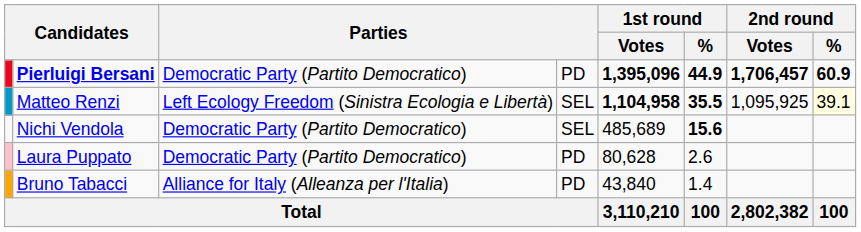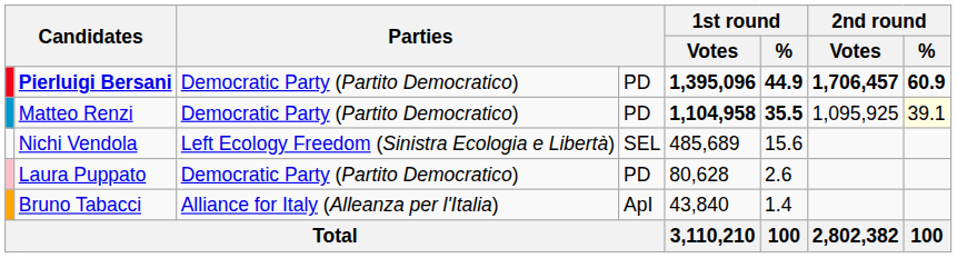 <table class="wikitable" style="font-size:95%">
 <tr>
 <th rowspan="2" colspan="2" align="left">Candidates</th>
 <th rowspan="2" colspan="2" align="left">Parties</th>
 <th colspan="2">1st round</th>
 <th colspan="2">2nd round</th>
 </tr>
 <tr>
 <th width="60">Votes</th>
 <th width="30">%</th>
 <th width="60">Votes</th>
 <th width="30">%</th>
 </tr>
 <tr>
 <td style="color:inherit;background:#F0001C"></td>
 <td align="left"><strong><a href='#'>Pierluigi Bersani</a></strong></td>
 <td align="left"><a href='#'>Democratic Party</a> (<em>Partito Democratico</em>)</td>
 <td>PD</td>
 <td><strong>1,395,096</strong></td>
 <td><strong>44.9</strong></td>
 <td><strong>1,706,457</strong></td>
 <td><strong>60.9</strong></td>
 </tr>
 <tr>
 <td style="color:inherit;background:#0099CC"></td>
 <td align="left"><a href='#'>Matteo Renzi</a></td>
-<td align="left"><a href='#'>Left Ecology Freedom</a> (<em>Sinistra Ecologia e Libertà</em>)</td>
-<td>SEL</td>
+<td align="left"><a href='#'>Democratic Party</a> (<em>Partito Democratico</em>)</td>
+<td>PD</td>
 <td><strong>1,104,958</strong></td>
 <td><strong>35.5</strong></td>
 <td>1,095,925</td>
 <td style="background: lightyellow;">39.1</td>
 </tr>
 <tr>
 <td style="color:inherit;background:"></td>
 <td align="left"><a href='#'>Nichi Vendola</a></td>
-<td align="left"><a href='#'>Democratic Party</a> (<em>Partito Democratico</em>)</td>
+<td align="left"><a href='#'>Left Ecology Freedom</a> (<em>Sinistra Ecologia e Libertà</em>)</td>
 <td>SEL</td>
 <td>485,689</td>
-<td><strong>15.6</strong></td>
+<td>15.6</td>
 <td></td>
 <td></td>
 </tr>
 <tr>
 <td bgcolor="pink"></td>
 <td align="left"><a href='#'>Laura Puppato</a></td>
 <td align="left"><a href='#'>Democratic Party</a> (<em>Partito Democratico</em>)</td>
 <td>PD</td>
 <td>80,628</td>
 <td>2.6</td>
 <td></td>
 <td></td>
 </tr>
 <tr>
 <td bgcolor="orange"></td>
 <td align="left"><a href='#'>Bruno Tabacci</a></td>
 <td align="left"><a href='#'>Alliance for Italy</a> (<em>Alleanza per l'Italia</em>)</td>
-<td>PD</td>
+<td>ApI</td>
 <td>43,840</td>
 <td>1.4</td>
 <td></td>
 <td></td>
 </tr>
 <tr>
 <th colspan="4" align="left"><strong>Total</strong></th>
 <th>3,110,210</th>
 <th>100</th>
 <th>2,802,382</th>
 <th>100</th>
 </tr>
 </table>
